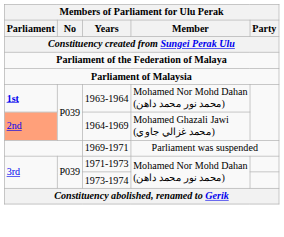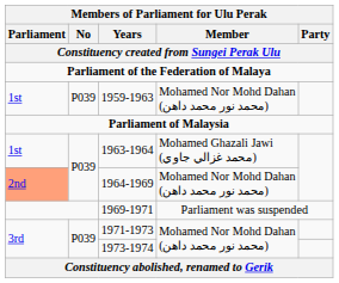 <table class=wikitable>
 <tr>
 <th colspan="5">Members of Parliament for Ulu Perak</th>
 </tr>
 <tr>
 <th>Parliament</th>
 <th>No</th>
 <th>Years</th>
 <th>Member</th>
 <th>Party</th>
 </tr>
 <tr>
 <th colspan="5" align="center"><em>Constituency created from <a href='#'>Sungei Perak Ulu</a></em></th>
 </tr>
 <tr>
 <td colspan="5" align="center"><strong>Parliament of the Federation of Malaya</strong></td>
 </tr>
 <tr>
+<td><a href='#'>1st</a></td>
+<td>P039</td>
+<td>1959-1963</td>
+<td>Mohamed Nor Mohd Dahan <br> (محمد نور محمد داهن)</td>
+<td></td>
+</tr>
+<tr>
 <td colspan="5" align="center"><strong>Parliament of Malaysia</strong></td>
 </tr>
 <tr>
-<td><strong><a href='#'>1st</a></strong></td>
+<td><a href='#'>1st</a></td>
 <td rowspan="2">P039</td>
 <td>1963-1964</td>
-<td>Mohamed Nor Mohd Dahan <br> (محمد نور محمد داهن)</td>
+<td>Mohamed Ghazali Jawi  <br>(محمد غزالي جاوي)</td>
 <td rowspan=2></td>
 </tr>
 <tr>
 <td style="background: lightsalmon;"><a href='#'>2nd</a></td>
 <td>1964-1969</td>
-<td>Mohamed Ghazali Jawi  <br>(محمد غزالي جاوي)</td>
+<td>Mohamed Nor Mohd Dahan <br> (محمد نور محمد داهن)</td>
 </tr>
 <tr>
 <td colspan="2"></td>
 <td>1969-1971</td>
 <td colspan=2 align=center>Parliament was suspended</td>
 </tr>
 <tr>
 <td rowspan=2><a href='#'>3rd</a></td>
 <td rowspan="2">P039</td>
 <td>1971-1973</td>
 <td rowspan=2>Mohamed Nor Mohd Dahan  <br>(محمد نور محمد داهن)</td>
 <td></td>
 </tr>
 <tr>
 <td>1973-1974</td>
 <td></td>
 </tr>
 <tr>
 <th colspan="5" align="center"><em>Constituency abolished, renamed to <a href='#'>Gerik</a></em></th>
 </tr>
 </table>
